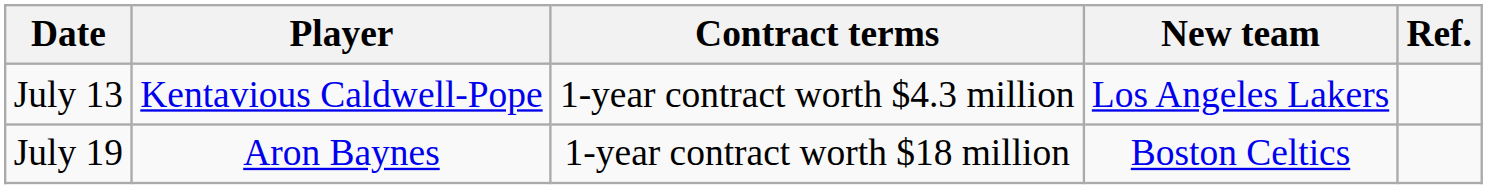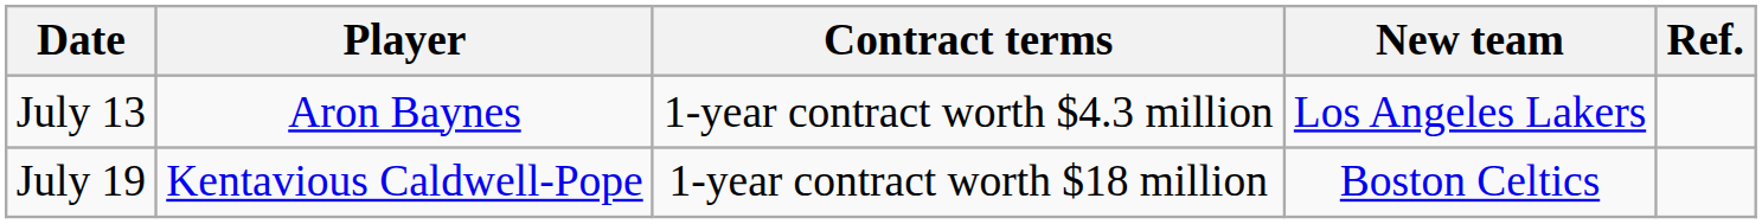 <table class="wikitable sortable sortable" style="text-align: center">
 <tr>
 <th>Date</th>
 <th>Player</th>
 <th>Contract terms</th>
 <th>New team</th>
 <th>Ref.</th>
 </tr>
 <tr style="text-align: center">
 <td>July 13</td>
-<td><a href='#'>Kentavious Caldwell-Pope</a></td>
+<td><a href='#'>Aron Baynes</a></td>
 <td>1-year contract worth $4.3 million</td>
 <td><a href='#'>Los Angeles Lakers</a></td>
 <td></td>
 </tr>
 <tr style="text-align: center">
 <td>July 19</td>
-<td><a href='#'>Aron Baynes</a></td>
+<td><a href='#'>Kentavious Caldwell-Pope</a></td>
 <td>1-year contract worth $18 million</td>
 <td><a href='#'>Boston Celtics</a></td>
 <td></td>
 </tr>
 </table>
